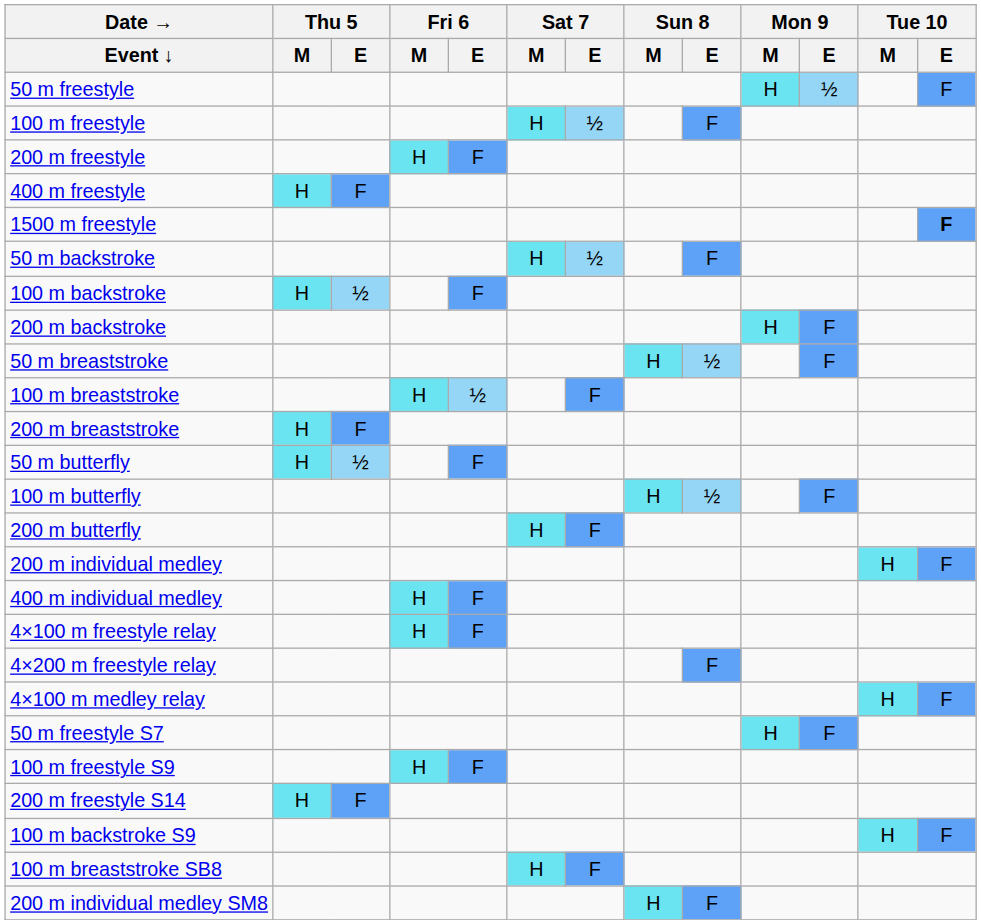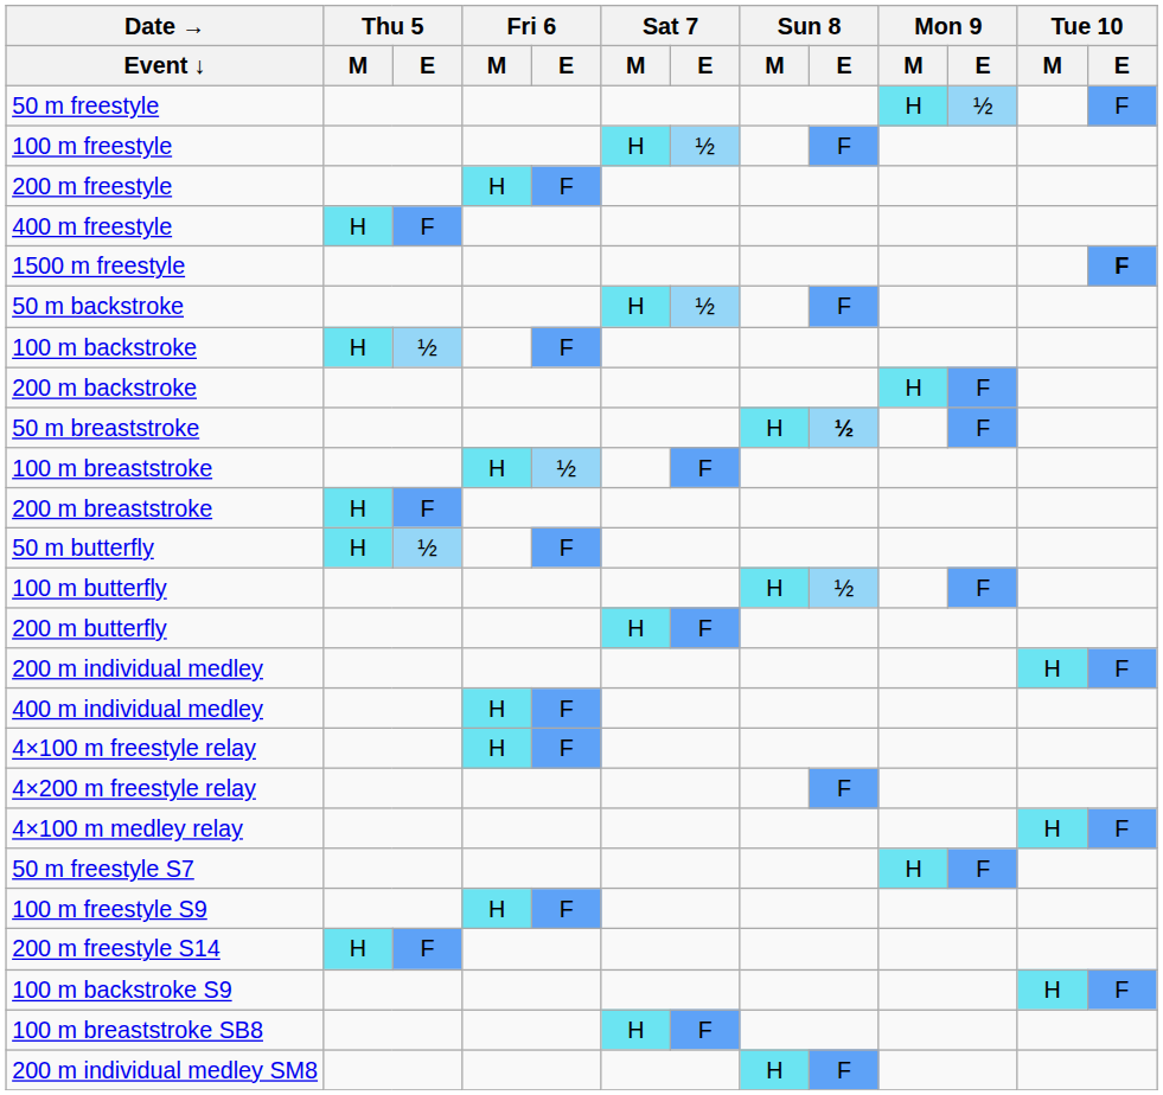 <table class="wikitable" style="margin:0.5em auto; font-size:95%; line-height:1.25em;">
 <tr style="text-align:center;">
 <th>Date →</th>
 <th colspan="2">Thu 5</th>
 <th colspan="2">Fri 6</th>
 <th colspan="2">Sat 7</th>
 <th colspan="2">Sun 8</th>
 <th colspan="2">Mon 9</th>
 <th colspan="2">Tue 10</th>
 </tr>
 <tr>
 <th>Event ↓</th>
 <th style="width:2.5em;">M</th>
 <th style="width:2.5em;">E</th>
 <th style="width:2.5em;">M</th>
 <th style="width:2.5em;">E</th>
 <th style="width:2.5em;">M</th>
 <th style="width:2.5em;">E</th>
 <th style="width:2.5em;">M</th>
 <th style="width:2.5em;">E</th>
 <th style="width:2.5em;">M</th>
 <th style="width:2.5em;">E</th>
 <th style="width:2.5em;">M</th>
 <th style="width:2.5em;">E</th>
 </tr>
 <tr style="text-align:center;">
 <td style="text-align:left;"><a href='#'>50 m freestyle</a></td>
 <td colspan="2"></td>
 <td colspan="2"></td>
 <td colspan="2"></td>
 <td colspan="2"></td>
 <td style="background-color:#6be4f2;">H</td>
 <td style="background-color:#95d6f7;">½</td>
 <td></td>
 <td style="background-color:#5ea2f7;">F</td>
 </tr>
 <tr style="text-align:center;">
 <td style="text-align:left;"><a href='#'>100 m freestyle</a></td>
 <td colspan="2"></td>
 <td colspan="2"></td>
 <td style="background-color:#6be4f2;">H</td>
 <td style="background-color:#95d6f7;">½</td>
 <td></td>
 <td style="background-color:#5ea2f7;">F</td>
 <td colspan="2"></td>
 <td colspan="2"></td>
 </tr>
 <tr style="text-align:center;">
 <td style="text-align:left;"><a href='#'>200 m freestyle</a></td>
 <td colspan="2"></td>
 <td style="background-color:#6be4f2;">H</td>
 <td style="background-color:#5ea2f7;">F</td>
 <td colspan="2"></td>
 <td colspan="2"></td>
 <td colspan="2"></td>
 <td colspan="2"></td>
 </tr>
 <tr style="text-align:center;">
 <td style="text-align:left;"><a href='#'>400 m freestyle</a></td>
 <td style="background-color:#6be4f2;">H</td>
 <td style="background-color:#5ea2f7;">F</td>
 <td colspan="2"></td>
 <td colspan="2"></td>
 <td colspan="2"></td>
 <td colspan="2"></td>
 <td colspan="2"></td>
 </tr>
 <tr style="text-align:center;">
 <td style="text-align:left;"><a href='#'>1500 m freestyle</a></td>
 <td colspan="2"></td>
 <td colspan="2"></td>
 <td colspan="2"></td>
 <td colspan="2"></td>
 <td colspan="2"></td>
 <td></td>
 <td style="background-color:#5ea2f7;"><strong>F</strong></td>
 </tr>
 <tr style="text-align:center;">
 <td style="text-align:left;"><a href='#'>50 m backstroke</a></td>
 <td colspan="2"></td>
 <td colspan="2"></td>
 <td style="background-color:#6be4f2;">H</td>
 <td style="background-color:#95d6f7;">½</td>
 <td></td>
 <td style="background-color:#5ea2f7;">F</td>
 <td colspan="2"></td>
 <td colspan="2"></td>
 </tr>
 <tr style="text-align:center;">
 <td style="text-align:left;"><a href='#'>100 m backstroke</a></td>
 <td style="background-color:#6be4f2;">H</td>
 <td style="background-color:#95d6f7;">½</td>
 <td></td>
 <td style="background-color:#5ea2f7;">F</td>
 <td colspan="2"></td>
 <td colspan="2"></td>
 <td colspan="2"></td>
 <td colspan="2"></td>
 </tr>
 <tr style="text-align:center;">
 <td style="text-align:left;"><a href='#'>200 m backstroke</a></td>
 <td colspan="2"></td>
 <td colspan="2"></td>
 <td colspan="2"></td>
 <td colspan="2"></td>
 <td style="background-color:#6be4f2;">H</td>
 <td style="background-color:#5ea2f7;">F</td>
 <td colspan="2"></td>
 </tr>
 <tr style="text-align:center;">
 <td style="text-align:left;"><a href='#'>50 m breaststroke</a></td>
 <td colspan="2"></td>
 <td colspan="2"></td>
 <td colspan="2"></td>
 <td style="background-color:#6be4f2;">H</td>
-<td style="background-color:#95d6f7;">½</td>
+<td style="background-color:#95d6f7;"><strong>½</strong></td>
 <td></td>
 <td style="background-color:#5ea2f7;">F</td>
 <td colspan="2"></td>
 </tr>
 <tr style="text-align:center;">
 <td style="text-align:left;"><a href='#'>100 m breaststroke</a></td>
 <td colspan="2"></td>
 <td style="background-color:#6be4f2;">H</td>
 <td style="background-color:#95d6f7;">½</td>
 <td></td>
 <td style="background-color:#5ea2f7;">F</td>
 <td colspan="2"></td>
 <td colspan="2"></td>
 <td colspan="2"></td>
 </tr>
 <tr style="text-align:center;">
 <td style="text-align:left;"><a href='#'>200 m breaststroke</a></td>
 <td style="background-color:#6be4f2;">H</td>
 <td style="background-color:#5ea2f7;">F</td>
 <td colspan="2"></td>
 <td colspan="2"></td>
 <td colspan="2"></td>
 <td colspan="2"></td>
 <td colspan="2"></td>
 </tr>
 <tr style="text-align:center;">
 <td style="text-align:left;"><a href='#'>50 m butterfly</a></td>
 <td style="background-color:#6be4f2;">H</td>
 <td style="background-color:#95d6f7;">½</td>
 <td></td>
 <td style="background-color:#5ea2f7;">F</td>
 <td colspan="2"></td>
 <td colspan="2"></td>
 <td colspan="2"></td>
 <td colspan="2"></td>
 </tr>
 <tr style="text-align:center;">
 <td style="text-align:left;"><a href='#'>100 m butterfly</a></td>
 <td colspan="2"></td>
 <td colspan="2"></td>
 <td colspan="2"></td>
 <td style="background-color:#6be4f2;">H</td>
 <td style="background-color:#95d6f7;">½</td>
 <td></td>
 <td style="background-color:#5ea2f7;">F</td>
 <td colspan="2"></td>
 </tr>
 <tr style="text-align:center;">
 <td style="text-align:left;"><a href='#'>200 m butterfly</a></td>
 <td colspan="2"></td>
 <td colspan="2"></td>
 <td style="background-color:#6be4f2;">H</td>
 <td style="background-color:#5ea2f7;">F</td>
 <td colspan="2"></td>
 <td colspan="2"></td>
 <td colspan="2"></td>
 </tr>
 <tr style="text-align:center;">
 <td style="text-align:left;"><a href='#'>200 m individual medley</a></td>
 <td colspan="2"></td>
 <td colspan="2"></td>
 <td colspan="2"></td>
 <td colspan="2"></td>
 <td colspan="2"></td>
 <td style="background-color:#6be4f2;">H</td>
 <td style="background-color:#5ea2f7;">F</td>
 </tr>
 <tr style="text-align:center;">
 <td style="text-align:left;"><a href='#'>400 m individual medley</a></td>
 <td colspan="2"></td>
 <td style="background-color:#6be4f2;">H</td>
 <td style="background-color:#5ea2f7;">F</td>
 <td colspan="2"></td>
 <td colspan="2"></td>
 <td colspan="2"></td>
 <td colspan="2"></td>
 </tr>
 <tr style="text-align:center;">
 <td style="text-align:left;"><a href='#'>4×100 m freestyle relay</a></td>
 <td colspan="2"></td>
 <td style="background-color:#6be4f2;">H</td>
 <td style="background-color:#5ea2f7;">F</td>
 <td colspan="2"></td>
 <td colspan="2"></td>
 <td colspan="2"></td>
 <td colspan="2"></td>
 </tr>
 <tr style="text-align:center;">
 <td style="text-align:left;"><a href='#'>4×200 m freestyle relay</a></td>
 <td colspan="2"></td>
 <td colspan="2"></td>
 <td colspan="2"></td>
 <td></td>
 <td style="background-color:#5ea2f7;">F</td>
 <td colspan="2"></td>
 <td colspan="2"></td>
 </tr>
 <tr style="text-align:center;">
 <td style="text-align:left;"><a href='#'>4×100 m medley relay</a></td>
 <td colspan="2"></td>
 <td colspan="2"></td>
 <td colspan="2"></td>
 <td colspan="2"></td>
 <td colspan="2"></td>
 <td style="background-color:#6be4f2;">H</td>
 <td style="background-color:#5ea2f7;">F</td>
 </tr>
 <tr style="text-align:center;">
 <td style="text-align:left;"><a href='#'>50 m freestyle S7</a></td>
 <td colspan="2"></td>
 <td colspan="2"></td>
 <td colspan="2"></td>
 <td colspan="2"></td>
 <td style="background-color:#6be4f2;">H</td>
 <td style="background-color:#5ea2f7;">F</td>
 <td colspan="2"></td>
 </tr>
 <tr style="text-align:center;">
 <td style="text-align:left;"><a href='#'>100 m freestyle S9</a></td>
 <td colspan="2"></td>
 <td style="background-color:#6be4f2;">H</td>
 <td style="background-color:#5ea2f7;">F</td>
 <td colspan="2"></td>
 <td colspan="2"></td>
 <td colspan="2"></td>
 <td colspan="2"></td>
 </tr>
 <tr style="text-align:center;">
 <td style="text-align:left;"><a href='#'>200 m freestyle S14</a></td>
 <td style="background-color:#6be4f2;">H</td>
 <td style="background-color:#5ea2f7;">F</td>
 <td colspan="2"></td>
 <td colspan="2"></td>
 <td colspan="2"></td>
 <td colspan="2"></td>
 <td colspan="2"></td>
 </tr>
 <tr style="text-align:center;">
 <td style="text-align:left;"><a href='#'>100 m backstroke S9</a></td>
 <td colspan="2"></td>
 <td colspan="2"></td>
 <td colspan="2"></td>
 <td colspan="2"></td>
 <td colspan="2"></td>
 <td style="background-color:#6be4f2;">H</td>
 <td style="background-color:#5ea2f7;">F</td>
 </tr>
 <tr style="text-align:center;">
 <td style="text-align:left;"><a href='#'>100 m breaststroke SB8</a></td>
 <td colspan="2"></td>
 <td colspan="2"></td>
 <td style="background-color:#6be4f2;">H</td>
 <td style="background-color:#5ea2f7;">F</td>
 <td colspan="2"></td>
 <td colspan="2"></td>
 <td colspan="2"></td>
 </tr>
 <tr style="text-align:center;">
 <td style="text-align:left;"><a href='#'>200 m individual medley SM8</a></td>
 <td colspan="2"></td>
 <td colspan="2"></td>
 <td colspan="2"></td>
 <td style="background-color:#6be4f2;">H</td>
 <td style="background-color:#5ea2f7;">F</td>
 <td colspan="2"></td>
 <td colspan="2"></td>
 </tr>
 </table>
